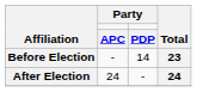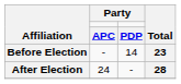 <table class=wikitable style="text-align:center">
 <tr style="vertical-align:bottom;">
 <th rowspan=3>Affiliation</th>
 <th colspan=2>Party</th>
 <th rowspan=3>Total</th>
 </tr>
 <tr>
 <td style="background-color:"></td>
 <td style="background-color:"></td>
 </tr>
 <tr>
 <th><a href='#'>APC</a></th>
 <th><a href='#'>PDP</a></th>
 </tr>
 <tr>
 <th>Before Election</th>
 <td>-</td>
 <td>14</td>
 <th>23</th>
 </tr>
 <tr>
 <th>After Election</th>
 <td>24</td>
 <td>-</td>
-<th>24</th>
+<th>28</th>
 </tr>
 <tr>
 </tr>
 </table>
